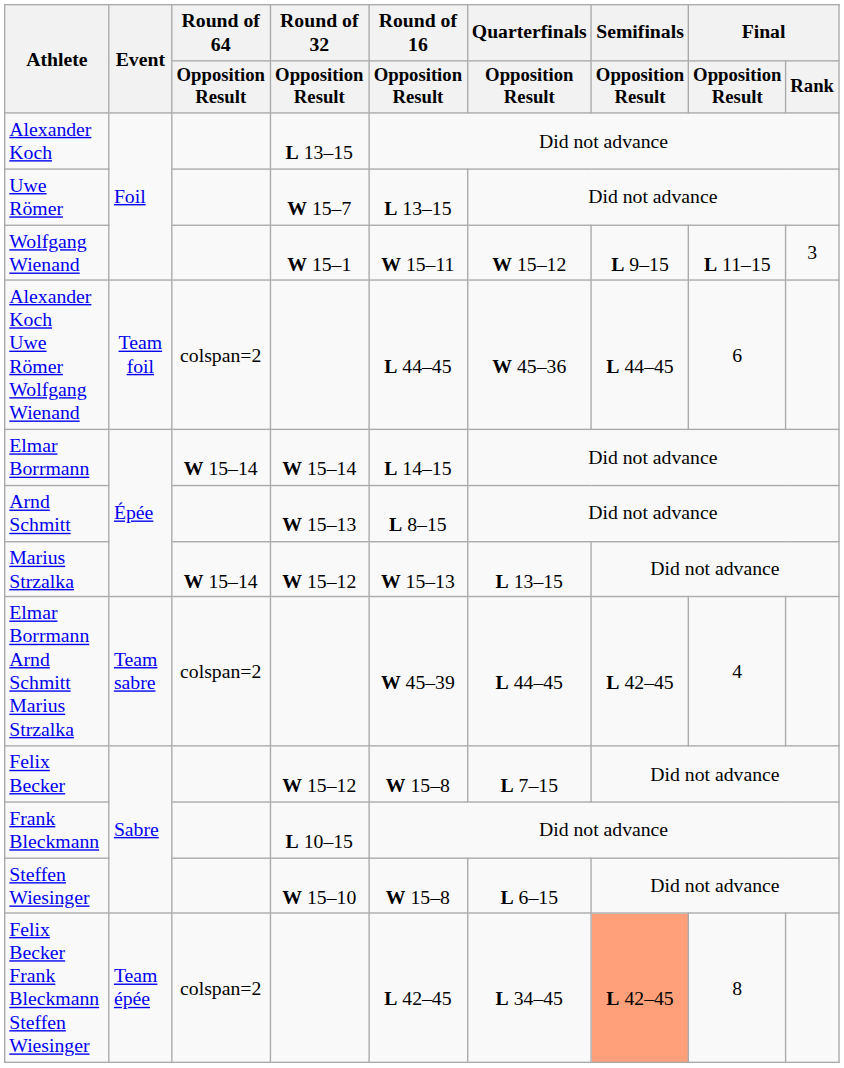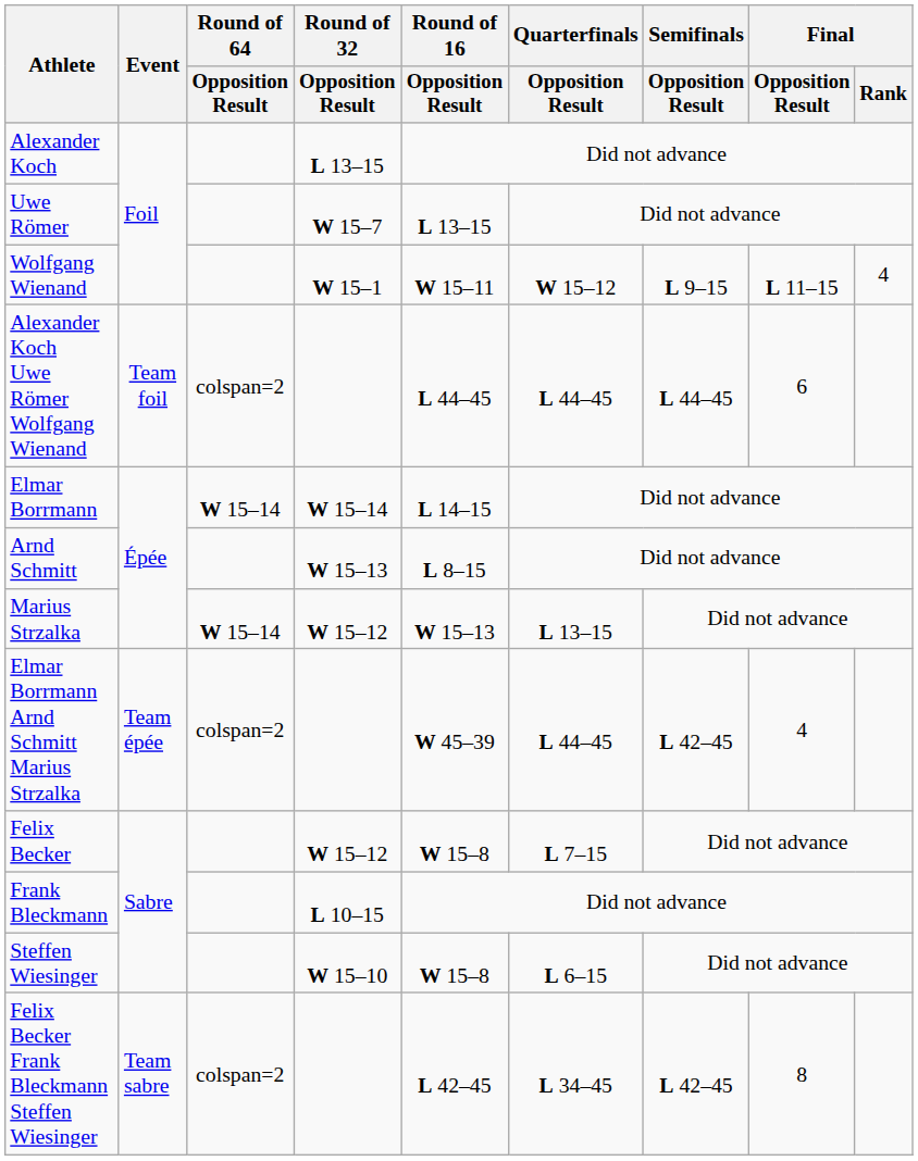 <table class="wikitable" style="font-size:90%">
 <tr>
 <th rowspan="2">Athlete</th>
 <th rowspan="2">Event</th>
 <th>Round of 64</th>
 <th>Round of 32</th>
 <th>Round of 16</th>
 <th>Quarterfinals</th>
 <th>Semifinals</th>
 <th colspan=2>Final</th>
 </tr>
 <tr style="font-size:95%">
 <th>Opposition<br>Result</th>
 <th>Opposition<br>Result</th>
 <th>Opposition<br>Result</th>
 <th>Opposition<br>Result</th>
 <th>Opposition<br>Result</th>
 <th>Opposition<br>Result</th>
 <th>Rank</th>
 </tr>
 <tr align=center>
 <td align=left><a href='#'>Alexander Koch</a></td>
 <td align=left rowspan=3><a href='#'>Foil</a></td>
 <td></td>
 <td><br><strong>L</strong> 13–15</td>
 <td colspan=5>Did not advance</td>
 </tr>
 <tr align=center>
 <td align=left><a href='#'>Uwe Römer</a></td>
 <td></td>
 <td><br><strong>W</strong> 15–7</td>
 <td><br><strong>L</strong> 13–15</td>
 <td colspan=4>Did not advance</td>
 </tr>
 <tr align=center>
 <td align=left><a href='#'>Wolfgang Wienand</a></td>
 <td></td>
 <td><br><strong>W</strong> 15–1</td>
 <td><br><strong>W</strong> 15–11</td>
 <td><br><strong>W</strong> 15–12</td>
 <td><br><strong>L</strong> 9–15</td>
 <td><br><strong>L</strong> 11–15</td>
-<td>3</td>
+<td>4</td>
 </tr>
 <tr align=center>
 <td align=left><a href='#'>Alexander Koch</a><br><a href='#'>Uwe Römer</a><br><a href='#'>Wolfgang Wienand</a></td>
 <td><a href='#'>Team foil</a></td>
 <td>colspan=2</td>
 <td></td>
 <td><br><strong>L</strong> 44–45</td>
-<td><br><strong>W</strong> 45–36</td>
+<td><br><strong>L</strong> 44–45</td>
 <td><br><strong>L</strong> 44–45</td>
 <td>6</td>
 </tr>
 <tr align=center>
 <td align=left><a href='#'>Elmar Borrmann</a></td>
 <td align=left rowspan=3><a href='#'>Épée</a></td>
 <td><br><strong>W</strong> 15–14</td>
 <td><br><strong>W</strong> 15–14</td>
 <td><br><strong>L</strong> 14–15</td>
 <td colspan=4>Did not advance</td>
 </tr>
 <tr align=center>
 <td align=left><a href='#'>Arnd Schmitt</a></td>
 <td></td>
 <td><br><strong>W</strong> 15–13</td>
 <td><br><strong>L</strong> 8–15</td>
 <td colspan=4>Did not advance</td>
 </tr>
 <tr align=center>
 <td align=left><a href='#'>Marius Strzalka</a></td>
 <td><br><strong>W</strong> 15–14</td>
 <td><br><strong>W</strong> 15–12</td>
 <td><br><strong>W</strong> 15–13</td>
 <td><br><strong>L</strong> 13–15</td>
 <td colspan=3>Did not advance</td>
 </tr>
 <tr align=center>
 <td align=left><a href='#'>Elmar Borrmann</a><br><a href='#'>Arnd Schmitt</a><br><a href='#'>Marius Strzalka</a></td>
-<td align=left><a href='#'>Team sabre</a></td>
+<td align=left><a href='#'>Team épée</a></td>
 <td>colspan=2</td>
 <td></td>
 <td><br><strong>W</strong> 45–39</td>
 <td><br><strong>L</strong> 44–45</td>
 <td><br><strong>L</strong> 42–45</td>
 <td>4</td>
 </tr>
 <tr align=center>
 <td align=left><a href='#'>Felix Becker</a></td>
 <td align=left rowspan=3><a href='#'>Sabre</a></td>
 <td></td>
 <td><br><strong>W</strong> 15–12</td>
 <td><br><strong>W</strong> 15–8</td>
 <td><br><strong>L</strong> 7–15</td>
 <td colspan=3>Did not advance</td>
 </tr>
 <tr align=center>
 <td align=left><a href='#'>Frank Bleckmann</a></td>
 <td></td>
 <td><br><strong>L</strong> 10–15</td>
 <td colspan=5>Did not advance</td>
 </tr>
 <tr align=center>
 <td align=left><a href='#'>Steffen Wiesinger</a></td>
 <td></td>
 <td><br><strong>W</strong> 15–10</td>
 <td><br><strong>W</strong> 15–8</td>
 <td><br><strong>L</strong> 6–15</td>
 <td colspan=3>Did not advance</td>
 </tr>
 <tr align=center>
 <td align=left><a href='#'>Felix Becker</a><br><a href='#'>Frank Bleckmann</a><br><a href='#'>Steffen Wiesinger</a></td>
-<td align=left><a href='#'>Team épée</a></td>
+<td align=left><a href='#'>Team sabre</a></td>
 <td>colspan=2</td>
 <td></td>
 <td><br><strong>L</strong> 42–45</td>
 <td><br><strong>L</strong> 34–45</td>
-<td style="background: lightsalmon;"><br><strong>L</strong> 42–45</td>
+<td><br><strong>L</strong> 42–45</td>
 <td>8</td>
 </tr>
 </table>
